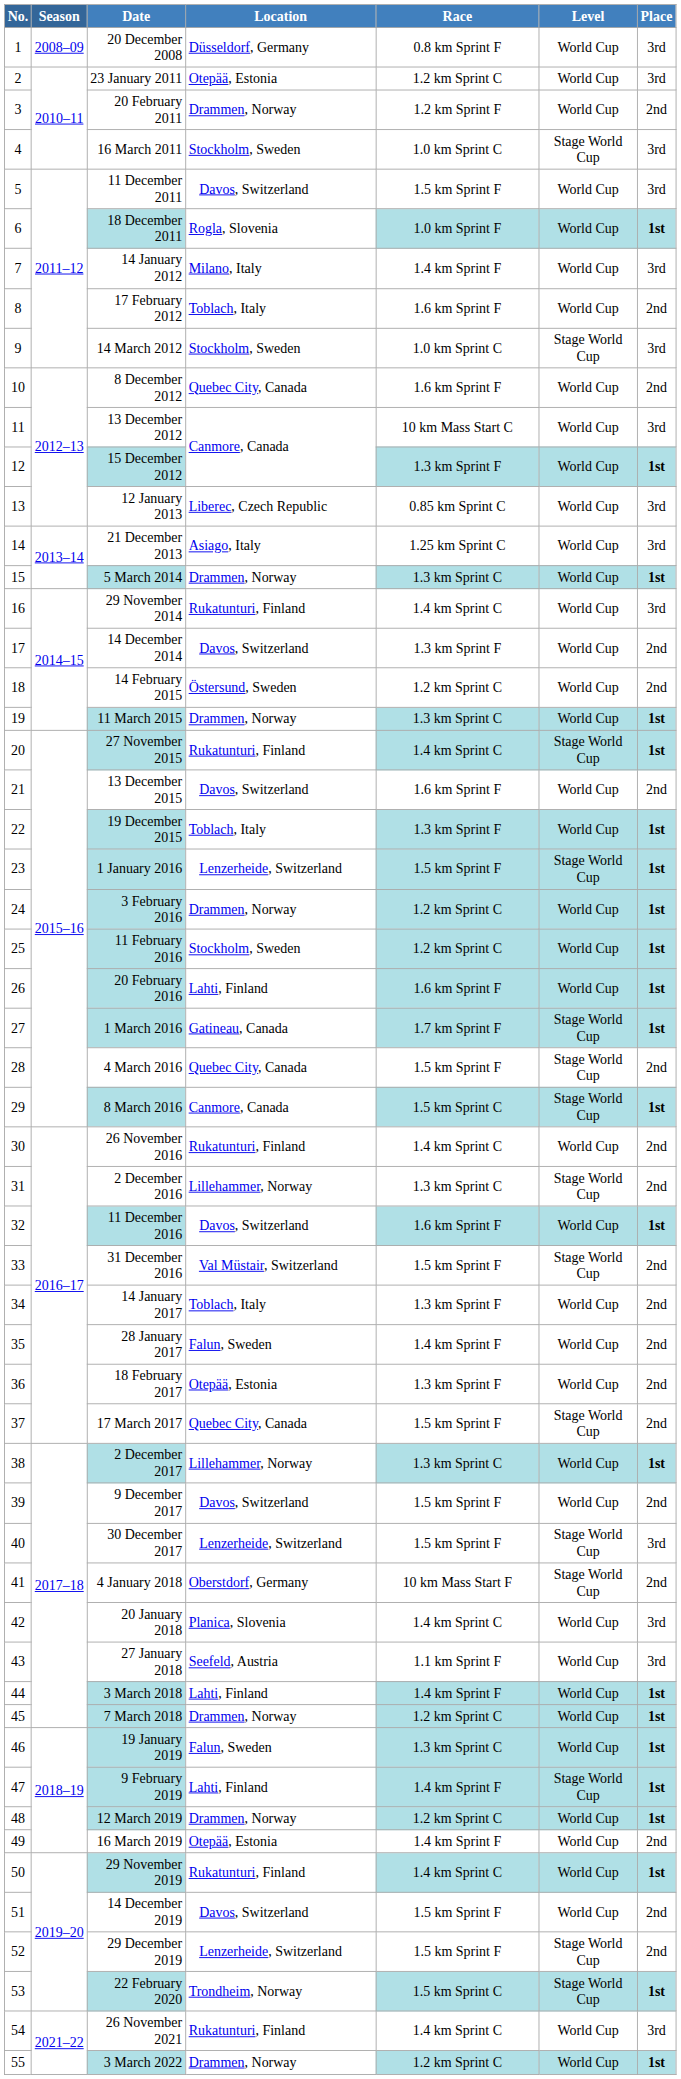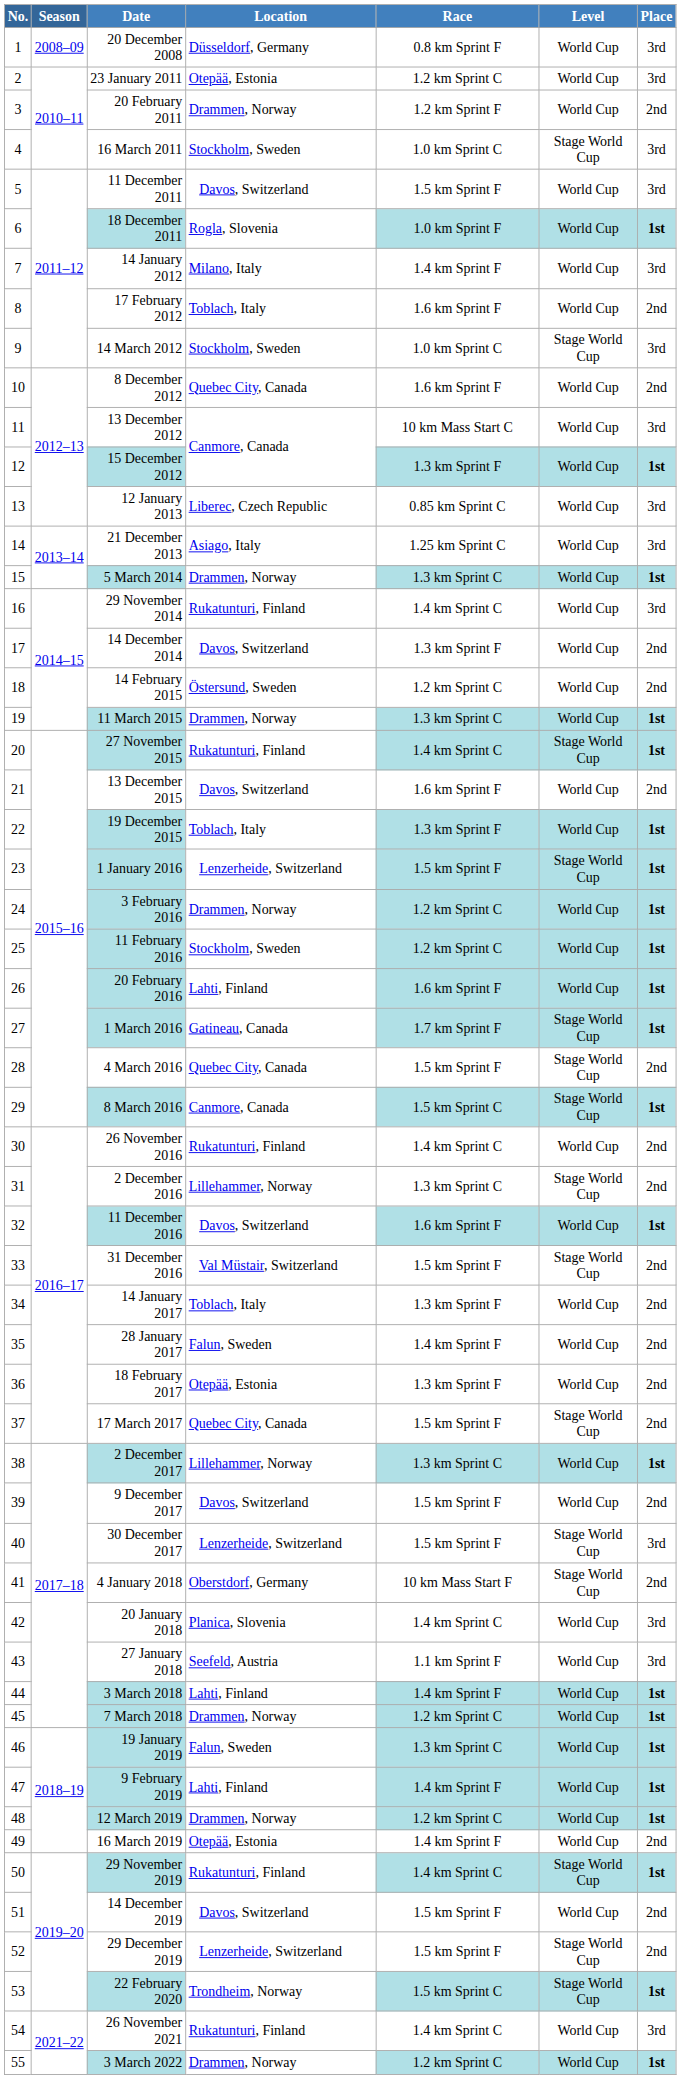 <table class="wikitable sortable" style="font-size:95%; text-align:center; border:grey solid 1px; border-collapse:collapse; background:#ffffff;">
 <tr style="background:#efefef;">
 <th style="background-color:#369; color:white;">No.</th>
 <th style="background-color:#369; color:white;">Season</th>
 <th style="background-color:#4180be; color:white; width:100px;">Date</th>
 <th style="background-color:#4180be; color:white; width:200px;">Location</th>
 <th style="background-color:#4180be; color:white; width:170px;">Race</th>
 <th style="background-color:#4180be; color:white; width:100px;">Level</th>
 <th style="background-color:#4180be; color:white;">Place</th>
 </tr>
 <tr>
 <td align=center>1</td>
 <td align=center><a href='#'>2008–09</a></td>
 <td align=right>20 December 2008</td>
 <td align=left> <a href='#'>Düsseldorf</a>, Germany</td>
 <td>0.8 km Sprint F</td>
 <td>World Cup</td>
 <td>3rd</td>
 </tr>
 <tr>
 <td align=center>2</td>
 <td rowspan=3 align=center><a href='#'>2010–11</a></td>
 <td align=right>23 January 2011</td>
 <td align=left> <a href='#'>Otepää</a>, Estonia</td>
 <td>1.2 km Sprint C</td>
 <td>World Cup</td>
 <td>3rd</td>
 </tr>
 <tr>
 <td align=center>3</td>
 <td align=right>20 February 2011</td>
 <td align=left> <a href='#'>Drammen</a>, Norway</td>
 <td>1.2 km Sprint F</td>
 <td>World Cup</td>
 <td>2nd</td>
 </tr>
 <tr>
 <td align=center>4</td>
 <td align=right>16 March 2011</td>
 <td align=left> <a href='#'>Stockholm</a>, Sweden</td>
 <td>1.0 km Sprint C</td>
 <td>Stage World Cup</td>
 <td>3rd</td>
 </tr>
 <tr>
 <td align=center>5</td>
 <td rowspan=5 align=center><a href='#'>2011–12</a></td>
 <td align=right>11 December 2011</td>
 <td align=left>   <a href='#'>Davos</a>, Switzerland</td>
 <td>1.5 km Sprint F</td>
 <td>World Cup</td>
 <td>3rd</td>
 </tr>
 <tr>
 <td align=center>6</td>
 <td bgcolor="#BOEOE6" align=right>18 December 2011</td>
 <td align=left> <a href='#'>Rogla</a>, Slovenia</td>
 <td bgcolor="#BOEOE6">1.0 km Sprint F</td>
 <td bgcolor="#BOEOE6">World Cup</td>
 <td bgcolor="#BOEOE6"><strong>1st</strong></td>
 </tr>
 <tr>
 <td align=center>7</td>
 <td align=right>14 January 2012</td>
 <td align=left> <a href='#'>Milano</a>, Italy</td>
 <td>1.4 km Sprint F</td>
 <td>World Cup</td>
 <td>3rd</td>
 </tr>
 <tr>
 <td align=center>8</td>
 <td align=right>17 February 2012</td>
 <td align=left> <a href='#'>Toblach</a>, Italy</td>
 <td>1.6 km Sprint F</td>
 <td>World Cup</td>
 <td>2nd</td>
 </tr>
 <tr>
 <td align=center>9</td>
 <td align=right>14 March 2012</td>
 <td align=left> <a href='#'>Stockholm</a>, Sweden</td>
 <td>1.0 km Sprint C</td>
 <td>Stage World Cup</td>
 <td>3rd</td>
 </tr>
 <tr>
 <td align=center>10</td>
 <td rowspan=4 align=center><a href='#'>2012–13</a></td>
 <td align=right>8 December 2012</td>
 <td align=left> <a href='#'>Quebec City</a>, Canada</td>
 <td>1.6 km Sprint F</td>
 <td>World Cup</td>
 <td>2nd</td>
 </tr>
 <tr>
 <td align=center>11</td>
 <td align=right>13 December 2012</td>
 <td rowspan=2 align=left> <a href='#'>Canmore</a>, Canada</td>
 <td>10 km Mass Start C</td>
 <td>World Cup</td>
 <td>3rd</td>
 </tr>
 <tr>
 <td align=center>12</td>
 <td bgcolor="#BOEOE6" align=right>15 December 2012</td>
 <td bgcolor="#BOEOE6">1.3 km Sprint F</td>
 <td bgcolor="#BOEOE6">World Cup</td>
 <td bgcolor="#BOEOE6"><strong>1st</strong></td>
 </tr>
 <tr>
 <td align=center>13</td>
 <td align=right>12 January 2013</td>
 <td align=left> <a href='#'>Liberec</a>, Czech Republic</td>
 <td>0.85 km Sprint C</td>
 <td>World Cup</td>
 <td>3rd</td>
 </tr>
 <tr>
 <td align=center>14</td>
 <td rowspan=2 align=center><a href='#'>2013–14</a></td>
 <td align=right>21 December 2013</td>
 <td align=left> <a href='#'>Asiago</a>, Italy</td>
 <td>1.25 km Sprint C</td>
 <td>World Cup</td>
 <td>3rd</td>
 </tr>
 <tr>
 <td align=center>15</td>
 <td bgcolor="#BOEOE6" align=right>5 March 2014</td>
 <td align=left> <a href='#'>Drammen</a>, Norway</td>
 <td bgcolor="#BOEOE6">1.3 km Sprint C</td>
 <td bgcolor="#BOEOE6">World Cup</td>
 <td bgcolor="#BOEOE6"><strong>1st</strong></td>
 </tr>
 <tr>
 <td align=center>16</td>
 <td rowspan=4 align=center><a href='#'>2014–15</a></td>
 <td align=right>29 November 2014</td>
 <td align=left> <a href='#'>Rukatunturi</a>, Finland</td>
 <td>1.4 km Sprint C</td>
 <td>World Cup</td>
 <td>3rd</td>
 </tr>
 <tr>
 <td align=center>17</td>
 <td align=right>14 December 2014</td>
 <td align=left>   <a href='#'>Davos</a>, Switzerland</td>
 <td>1.3 km Sprint F</td>
 <td>World Cup</td>
 <td>2nd</td>
 </tr>
 <tr>
 <td align=center>18</td>
 <td align=right>14 February 2015</td>
 <td align=left> <a href='#'>Östersund</a>, Sweden</td>
 <td>1.2 km Sprint C</td>
 <td>World Cup</td>
 <td>2nd</td>
 </tr>
 <tr>
 <td align=center>19</td>
 <td bgcolor="#BOEOE6" align=right>11 March 2015</td>
 <td align=left> <a href='#'>Drammen</a>, Norway</td>
 <td bgcolor="#BOEOE6">1.3 km Sprint C</td>
 <td bgcolor="#BOEOE6">World Cup</td>
 <td bgcolor="#BOEOE6"><strong>1st</strong></td>
 </tr>
 <tr>
 <td align=center>20</td>
 <td rowspan=10 align=center><a href='#'>2015–16</a></td>
 <td bgcolor="#BOEOE6" align=right>27 November 2015</td>
 <td align=left> <a href='#'>Rukatunturi</a>, Finland</td>
 <td bgcolor="#BOEOE6">1.4 km Sprint C</td>
 <td bgcolor="#BOEOE6">Stage World Cup</td>
 <td bgcolor="#BOEOE6"><strong>1st</strong></td>
 </tr>
 <tr>
 <td align=center>21</td>
 <td align=right>13 December 2015</td>
 <td align=left>   <a href='#'>Davos</a>, Switzerland</td>
 <td>1.6 km Sprint F</td>
 <td>World Cup</td>
 <td>2nd</td>
 </tr>
 <tr>
 <td align=center>22</td>
 <td bgcolor="#BOEOE6" align=right>19 December 2015</td>
 <td align=left> <a href='#'>Toblach</a>, Italy</td>
 <td bgcolor="#BOEOE6">1.3 km Sprint F</td>
 <td bgcolor="#BOEOE6">World Cup</td>
 <td bgcolor="#BOEOE6"><strong>1st</strong></td>
 </tr>
 <tr>
 <td align=center>23</td>
 <td bgcolor="#BOEOE6" align=right>1 January 2016</td>
 <td align=left>   <a href='#'>Lenzerheide</a>, Switzerland</td>
 <td bgcolor="#BOEOE6">1.5 km Sprint F</td>
 <td bgcolor="#BOEOE6">Stage World Cup</td>
 <td bgcolor="#BOEOE6"><strong>1st</strong></td>
 </tr>
 <tr>
 <td align=center>24</td>
 <td bgcolor="#BOEOE6" align=right>3 February 2016</td>
 <td align=left> <a href='#'>Drammen</a>, Norway</td>
 <td bgcolor="#BOEOE6">1.2 km Sprint C</td>
 <td bgcolor="#BOEOE6">World Cup</td>
 <td bgcolor="#BOEOE6"><strong>1st</strong></td>
 </tr>
 <tr>
 <td align=center>25</td>
 <td bgcolor="#BOEOE6" align=right>11 February 2016</td>
 <td align=left> <a href='#'>Stockholm</a>, Sweden</td>
 <td bgcolor="#BOEOE6">1.2 km Sprint C</td>
 <td bgcolor="#BOEOE6">World Cup</td>
 <td bgcolor="#BOEOE6"><strong>1st</strong></td>
 </tr>
 <tr>
 <td align=center>26</td>
 <td bgcolor="#BOEOE6" align=right>20 February 2016</td>
 <td align=left> <a href='#'>Lahti</a>, Finland</td>
 <td bgcolor="#BOEOE6">1.6 km Sprint F</td>
 <td bgcolor="#BOEOE6">World Cup</td>
 <td bgcolor="#BOEOE6"><strong>1st</strong></td>
 </tr>
 <tr>
 <td align=center>27</td>
 <td bgcolor="#BOEOE6" align=right>1 March 2016</td>
 <td align=left> <a href='#'>Gatineau</a>, Canada</td>
 <td bgcolor="#BOEOE6">1.7 km Sprint F</td>
 <td bgcolor="#BOEOE6">Stage World Cup</td>
 <td bgcolor="#BOEOE6"><strong>1st</strong></td>
 </tr>
 <tr>
 <td align=center>28</td>
 <td align=right>4 March 2016</td>
 <td align=left> <a href='#'>Quebec City</a>, Canada</td>
 <td>1.5 km Sprint F</td>
 <td>Stage World Cup</td>
 <td>2nd</td>
 </tr>
 <tr>
 <td align=center>29</td>
 <td bgcolor="#BOEOE6" align=right>8 March 2016</td>
 <td align=left> <a href='#'>Canmore</a>, Canada</td>
 <td bgcolor="#BOEOE6">1.5 km Sprint C</td>
 <td bgcolor="#BOEOE6">Stage World Cup</td>
 <td bgcolor="#BOEOE6"><strong>1st</strong></td>
 </tr>
 <tr>
 <td align=center>30</td>
 <td rowspan=8 align=center><a href='#'>2016–17</a></td>
 <td align=right>26 November 2016</td>
 <td align=left> <a href='#'>Rukatunturi</a>, Finland</td>
 <td>1.4 km Sprint C</td>
 <td>World Cup</td>
 <td>2nd</td>
 </tr>
 <tr>
 <td align=center>31</td>
 <td align=right>2 December 2016</td>
 <td align=left> <a href='#'>Lillehammer</a>, Norway</td>
 <td>1.3 km Sprint C</td>
 <td>Stage World Cup</td>
 <td>2nd</td>
 </tr>
 <tr>
 <td align=center>32</td>
 <td bgcolor="#BOEOE6" align=right>11 December 2016</td>
 <td align=left>   <a href='#'>Davos</a>, Switzerland</td>
 <td bgcolor="#BOEOE6">1.6 km Sprint F</td>
 <td bgcolor="#BOEOE6">World Cup</td>
 <td bgcolor="#BOEOE6"><strong>1st</strong></td>
 </tr>
 <tr>
 <td align=center>33</td>
 <td align=right>31 December 2016</td>
 <td align=left>   <a href='#'>Val Müstair</a>, Switzerland</td>
 <td>1.5 km Sprint F</td>
 <td>Stage World Cup</td>
 <td>2nd</td>
 </tr>
 <tr>
 <td align=center>34</td>
 <td align=right>14 January 2017</td>
 <td align=left> <a href='#'>Toblach</a>, Italy</td>
 <td>1.3 km Sprint F</td>
 <td>World Cup</td>
 <td>2nd</td>
 </tr>
 <tr>
 <td align=center>35</td>
 <td align=right>28 January 2017</td>
 <td align=left> <a href='#'>Falun</a>, Sweden</td>
 <td>1.4 km Sprint F</td>
 <td>World Cup</td>
 <td>2nd</td>
 </tr>
 <tr>
 <td align=center>36</td>
 <td align=right>18 February 2017</td>
 <td align=left> <a href='#'>Otepää</a>, Estonia</td>
 <td>1.3 km Sprint F</td>
 <td>World Cup</td>
 <td>2nd</td>
 </tr>
 <tr>
 <td align=center>37</td>
 <td align=right>17 March 2017</td>
 <td align=left> <a href='#'>Quebec City</a>, Canada</td>
 <td>1.5 km Sprint F</td>
 <td>Stage World Cup</td>
 <td>2nd</td>
 </tr>
 <tr>
 <td align=center>38</td>
 <td rowspan=8 align=center><a href='#'>2017–18</a></td>
 <td bgcolor="#BOEOE6" align=right>2 December 2017</td>
 <td align=left> <a href='#'>Lillehammer</a>, Norway</td>
 <td bgcolor="#BOEOE6">1.3 km Sprint C</td>
 <td bgcolor="#BOEOE6">World Cup</td>
 <td bgcolor="#BOEOE6"><strong>1st</strong></td>
 </tr>
 <tr>
 <td align=center>39</td>
 <td align=right>9 December 2017</td>
 <td align=left>   <a href='#'>Davos</a>, Switzerland</td>
 <td>1.5 km Sprint F</td>
 <td>World Cup</td>
 <td>2nd</td>
 </tr>
 <tr>
 <td align=center>40</td>
 <td align=right>30 December 2017</td>
 <td align=left>   <a href='#'>Lenzerheide</a>, Switzerland</td>
 <td>1.5 km Sprint F</td>
 <td>Stage World Cup</td>
 <td>3rd</td>
 </tr>
 <tr>
 <td align=center>41</td>
 <td align=right>4 January 2018</td>
 <td align=left> <a href='#'>Oberstdorf</a>, Germany</td>
 <td>10 km Mass Start F</td>
 <td>Stage World Cup</td>
 <td>2nd</td>
 </tr>
 <tr>
 <td align=center>42</td>
 <td align=right>20 January 2018</td>
 <td align=left> <a href='#'>Planica</a>, Slovenia</td>
 <td>1.4 km Sprint C</td>
 <td>World Cup</td>
 <td>3rd</td>
 </tr>
 <tr>
 <td align=center>43</td>
 <td align=right>27 January 2018</td>
 <td align=left> <a href='#'>Seefeld</a>, Austria</td>
 <td>1.1 km Sprint F</td>
 <td>World Cup</td>
 <td>3rd</td>
 </tr>
 <tr>
 <td align=center>44</td>
 <td bgcolor="#BOEOE6" align=right>3 March 2018</td>
 <td align=left> <a href='#'>Lahti</a>, Finland</td>
 <td bgcolor="#BOEOE6">1.4 km Sprint F</td>
 <td bgcolor="#BOEOE6">World Cup</td>
 <td bgcolor="#BOEOE6"><strong>1st</strong></td>
 </tr>
 <tr>
 <td align=center>45</td>
 <td bgcolor="#BOEOE6" align=right>7 March 2018</td>
 <td align=left> <a href='#'>Drammen</a>, Norway</td>
 <td bgcolor="#BOEOE6">1.2 km Sprint C</td>
 <td bgcolor="#BOEOE6">World Cup</td>
 <td bgcolor="#BOEOE6"><strong>1st</strong></td>
 </tr>
 <tr>
 <td align=center>46</td>
 <td rowspan=4 align=center><a href='#'>2018–19</a></td>
 <td bgcolor="#BOEOE6" align=right>19 January 2019</td>
 <td align=left> <a href='#'>Falun</a>, Sweden</td>
 <td bgcolor="#BOEOE6">1.3 km Sprint C</td>
 <td bgcolor="#BOEOE6">World Cup</td>
 <td bgcolor="#BOEOE6"><strong>1st</strong></td>
 </tr>
 <tr>
 <td align=center>47</td>
 <td bgcolor="#BOEOE6" align=right>9 February 2019</td>
 <td align=left> <a href='#'>Lahti</a>, Finland</td>
 <td bgcolor="#BOEOE6">1.4 km Sprint F</td>
-<td bgcolor="#BOEOE6">Stage World Cup</td>
+<td bgcolor="#BOEOE6">World Cup</td>
 <td bgcolor="#BOEOE6"><strong>1st</strong></td>
 </tr>
 <tr>
 <td align=center>48</td>
 <td bgcolor="#BOEOE6" align=right>12 March 2019</td>
 <td align=left> <a href='#'>Drammen</a>, Norway</td>
 <td bgcolor="#BOEOE6">1.2 km Sprint C</td>
 <td bgcolor="#BOEOE6">World Cup</td>
 <td bgcolor="#BOEOE6"><strong>1st</strong></td>
 </tr>
 <tr>
 <td align=center>49</td>
 <td align=right>16 March 2019</td>
 <td align=left> <a href='#'>Otepää</a>, Estonia</td>
 <td>1.4 km Sprint F</td>
 <td>World Cup</td>
 <td>2nd</td>
 </tr>
 <tr>
 <td align=center>50</td>
 <td rowspan=4 align=center><a href='#'>2019–20</a></td>
 <td bgcolor="#BOEOE6" align=right>29 November 2019</td>
 <td align=left> <a href='#'>Rukatunturi</a>, Finland</td>
 <td bgcolor="#BOEOE6">1.4 km Sprint C</td>
-<td bgcolor="#BOEOE6">World Cup</td>
+<td bgcolor="#BOEOE6">Stage World Cup</td>
 <td bgcolor="#BOEOE6"><strong>1st</strong></td>
 </tr>
 <tr>
 <td align=center>51</td>
 <td align=right>14 December 2019</td>
 <td align=left>   <a href='#'>Davos</a>, Switzerland</td>
 <td>1.5 km Sprint F</td>
 <td>World Cup</td>
 <td>2nd</td>
 </tr>
 <tr>
 <td align=center>52</td>
 <td align=right>29 December 2019</td>
 <td align=left>   <a href='#'>Lenzerheide</a>, Switzerland</td>
 <td>1.5 km Sprint F</td>
 <td>Stage World Cup</td>
 <td>2nd</td>
 </tr>
 <tr>
 <td align=center>53</td>
 <td bgcolor="#BOEOE6" align=right>22 February 2020</td>
 <td align=left> <a href='#'>Trondheim</a>, Norway</td>
 <td bgcolor="#BOEOE6">1.5 km Sprint C</td>
 <td bgcolor="#BOEOE6">Stage World Cup</td>
 <td bgcolor="#BOEOE6"><strong>1st</strong></td>
 </tr>
 <tr>
 <td align=center>54</td>
 <td rowspan=2 align=center><a href='#'>2021–22</a></td>
 <td align=right>26 November 2021</td>
 <td align=left> <a href='#'>Rukatunturi</a>, Finland</td>
 <td>1.4 km Sprint C</td>
 <td>World Cup</td>
 <td>3rd</td>
 </tr>
 <tr>
 <td align=center>55</td>
 <td bgcolor="#BOEOE6" align=right>3 March 2022</td>
 <td align=left> <a href='#'>Drammen</a>, Norway</td>
 <td bgcolor="#BOEOE6">1.2 km Sprint C</td>
 <td bgcolor="#BOEOE6">World Cup</td>
 <td bgcolor="#BOEOE6"><strong>1st</strong></td>
 </tr>
 </table>
